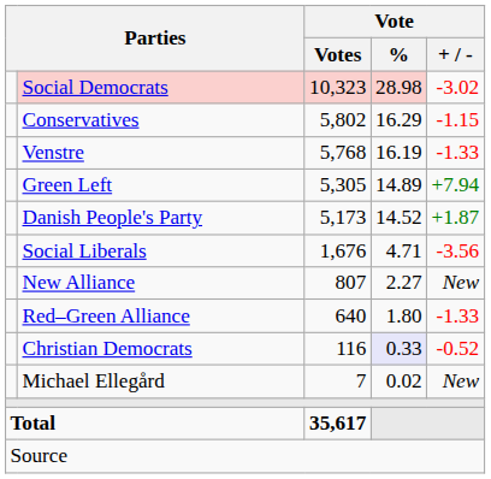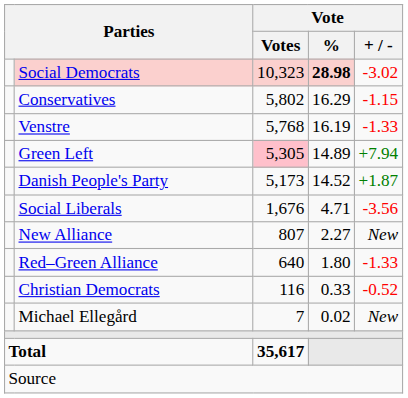 <table class="wikitable" style="text-align:right;">
 <tr>
 <th style="text-align:centre;" rowspan="2" colspan="2" width="225">Parties</th>
 <th colspan="3">Vote</th>
 </tr>
 <tr>
 <th width="15">Votes</th>
 <th width="15">%</th>
 <th width="15">+ / -</th>
 </tr>
 <tr>
 <td width="2" style="color:inherit;background:"></td>
 <td bgcolor=#fbd0ce  align="left"><a href='#'>Social Democrats</a></td>
 <td bgcolor=#fbd0ce>10,323</td>
-<td bgcolor=#fbd0ce>28.98</td>
+<td bgcolor=#fbd0ce><strong>28.98</strong></td>
 <td style=color:red;>-3.02</td>
 </tr>
 <tr>
 <td width="2" style="color:inherit;background:"></td>
 <td align="left"><a href='#'>Conservatives</a></td>
 <td>5,802</td>
 <td>16.29</td>
 <td style=color:red;>-1.15</td>
 </tr>
 <tr>
 <td width="2" style="color:inherit;background:"></td>
 <td align="left"><a href='#'>Venstre</a></td>
 <td>5,768</td>
 <td>16.19</td>
 <td style=color:red;>-1.33</td>
 </tr>
 <tr>
 <td width="2" style="color:inherit;background:"></td>
 <td align="left"><a href='#'>Green Left</a></td>
-<td>5,305</td>
+<td style="background: pink;">5,305</td>
 <td>14.89</td>
 <td style=color:green;>+7.94</td>
 </tr>
 <tr>
 <td width="2" style="color:inherit;background:"></td>
 <td align="left"><a href='#'>Danish People's Party</a></td>
 <td>5,173</td>
 <td>14.52</td>
 <td style=color:green;>+1.87</td>
 </tr>
 <tr>
 <td width="2" style="color:inherit;background:"></td>
 <td align="left"><a href='#'>Social Liberals</a></td>
 <td>1,676</td>
 <td>4.71</td>
 <td style=color:red;>-3.56</td>
 </tr>
 <tr>
 <td width="2" style="color:inherit;background:"></td>
 <td align="left"><a href='#'>New Alliance</a></td>
 <td>807</td>
 <td>2.27</td>
 <td><em>New</em></td>
 </tr>
 <tr>
 <td width="2" style="color:inherit;background:"></td>
 <td align="left"><a href='#'>Red–Green Alliance</a></td>
 <td>640</td>
 <td>1.80</td>
 <td style=color:red;>-1.33</td>
 </tr>
 <tr>
 <td width="2" style="color:inherit;background:"></td>
 <td align="left"><a href='#'>Christian Democrats</a></td>
 <td>116</td>
-<td style="background: lavender;">0.33</td>
+<td>0.33</td>
 <td style=color:red;>-0.52</td>
 </tr>
 <tr>
 <td width="2" style="color:inherit;background:"></td>
 <td align="left">Michael Ellegård</td>
 <td>7</td>
 <td>0.02</td>
 <td><em>New</em></td>
 </tr>
 <tr>
 <td colspan="7" bgcolor="#E9E9E9"></td>
 </tr>
 <tr>
 <td align="left" colspan="2"><strong>Total</strong></td>
 <td><strong>35,617</strong></td>
 <td bgcolor="#E9E9E9" colspan="2"></td>
 </tr>
 <tr>
 <td align="left" colspan="6">Source</td>
 </tr>
 </table>
